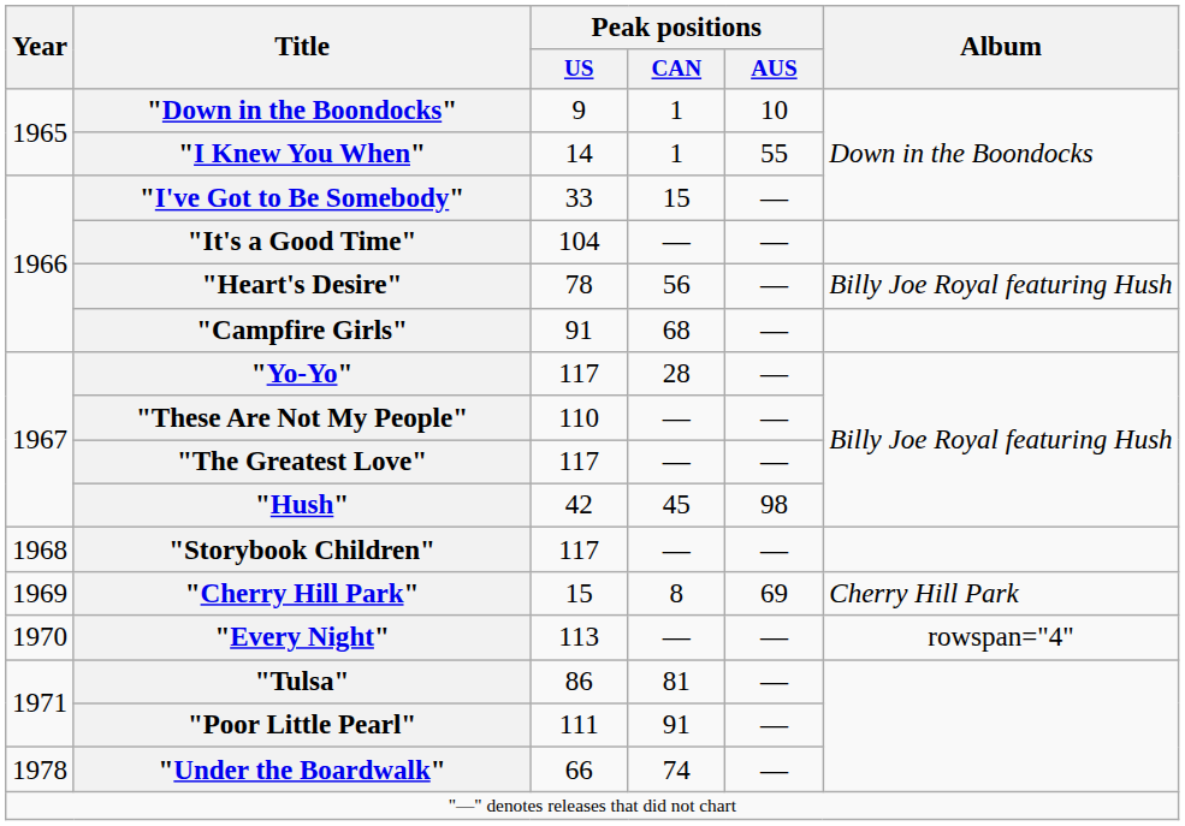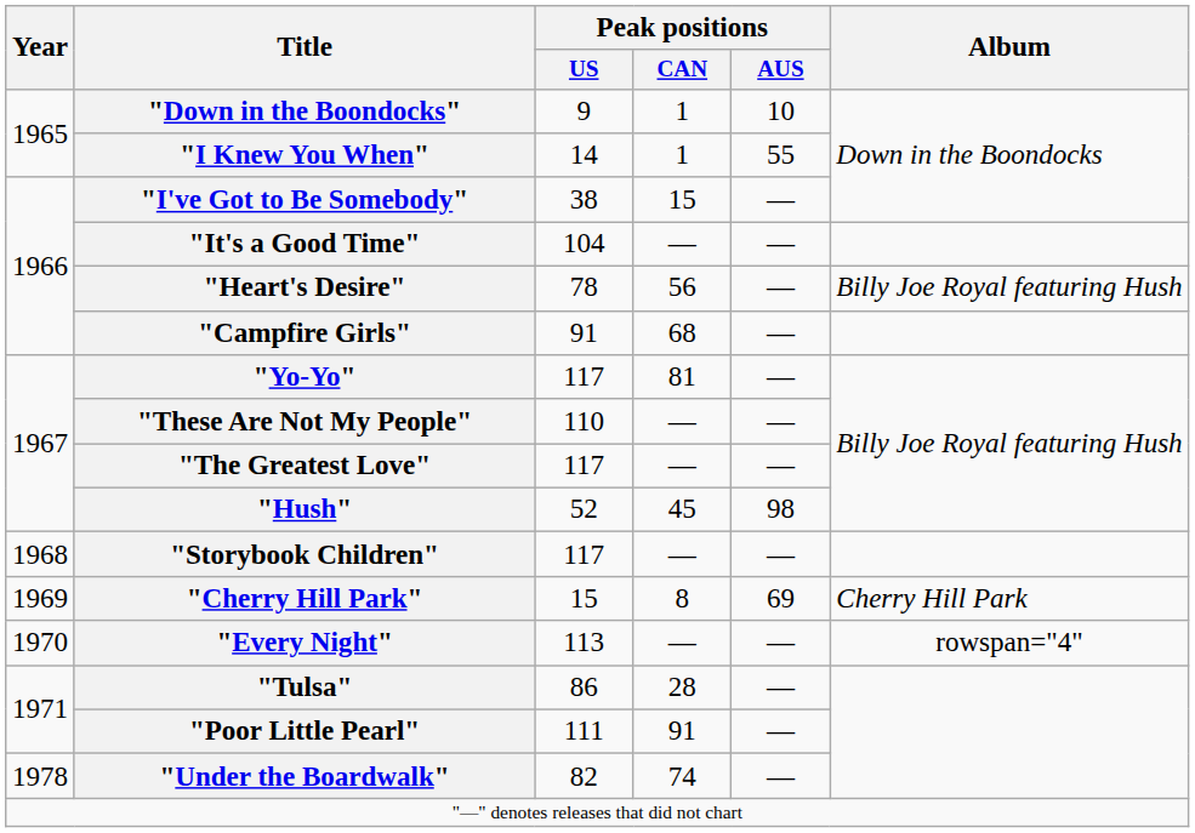 <table class="wikitable plainrowheaders" style=text-align:center;>
 <tr>
 <th scope="col" rowspan="2">Year</th>
 <th scope="col" rowspan="2" style="width:16em;">Title</th>
 <th scope="col" colspan="3">Peak positions</th>
 <th scope="col" rowspan="2">Album</th>
 </tr>
 <tr style="font-size:smaller;">
 <th width="50"><a href='#'>US</a></th>
 <th width="50"><a href='#'>CAN</a></th>
 <th width="50"><a href='#'>AUS</a></th>
 </tr>
 <tr>
 <td rowspan="2">1965</td>
 <th scope="row">"<a href='#'>Down in the Boondocks</a>"</th>
 <td>9</td>
 <td>1</td>
 <td>10</td>
 <td align="left" rowspan="3"><em>Down in the Boondocks</em></td>
 </tr>
 <tr>
 <th scope="row">"<a href='#'>I Knew You When</a>"</th>
 <td>14</td>
 <td>1</td>
 <td>55</td>
 </tr>
 <tr>
 <td rowspan="4">1966</td>
 <th scope="row">"<a href='#'>I've Got to Be Somebody</a>"</th>
-<td>33</td>
+<td>38</td>
 <td>15</td>
 <td>—</td>
 </tr>
 <tr>
 <th scope="row">"It's a Good Time"</th>
 <td>104</td>
 <td>—</td>
 <td>—</td>
 <td></td>
 </tr>
 <tr>
 <th scope="row">"Heart's Desire"</th>
 <td>78</td>
 <td>56</td>
 <td>—</td>
 <td align="left"><em>Billy Joe Royal featuring Hush</em></td>
 </tr>
 <tr>
 <th scope="row">"Campfire Girls"</th>
 <td>91</td>
 <td>68</td>
 <td>—</td>
 <td></td>
 </tr>
 <tr>
 <td rowspan="4">1967</td>
 <th scope="row">"<a href='#'>Yo-Yo</a>"</th>
 <td>117</td>
-<td>28</td>
+<td>81</td>
 <td>—</td>
 <td align="left" rowspan="4"><em>Billy Joe Royal featuring Hush</em></td>
 </tr>
 <tr>
 <th scope="row">"These Are Not My People"</th>
 <td>110</td>
 <td>—</td>
 <td>—</td>
 </tr>
 <tr>
 <th scope="row">"The Greatest Love"</th>
 <td>117</td>
 <td>—</td>
 <td>—</td>
 </tr>
 <tr>
 <th scope="row">"<a href='#'>Hush</a>"</th>
-<td>42</td>
+<td>52</td>
 <td>45</td>
 <td>98</td>
 </tr>
 <tr>
 <td>1968</td>
 <th scope="row">"Storybook Children"</th>
 <td>117</td>
 <td>—</td>
 <td>—</td>
 <td></td>
 </tr>
 <tr>
 <td>1969</td>
 <th scope="row">"<a href='#'>Cherry Hill Park</a>"</th>
 <td>15</td>
 <td>8</td>
 <td>69</td>
 <td align="left"><em>Cherry Hill Park</em></td>
 </tr>
 <tr>
 <td>1970</td>
 <th scope="row">"<a href='#'>Every Night</a>"</th>
 <td>113</td>
 <td>—</td>
 <td>—</td>
 <td>rowspan="4" </td>
 </tr>
 <tr>
 <td rowspan="2">1971</td>
 <th scope="row">"Tulsa"</th>
 <td>86</td>
-<td>81</td>
+<td>28</td>
 <td>—</td>
 </tr>
 <tr>
 <th scope="row">"Poor Little Pearl"</th>
 <td>111</td>
 <td>91</td>
 <td>—</td>
 </tr>
 <tr>
 <td>1978</td>
 <th scope="row">"<a href='#'>Under the Boardwalk</a>"</th>
-<td>66</td>
+<td>82</td>
 <td>74</td>
 <td>—</td>
 </tr>
 <tr>
 <td colspan="6" style="font-size:8pt">"—" denotes releases that did not chart</td>
 </tr>
 </table>
